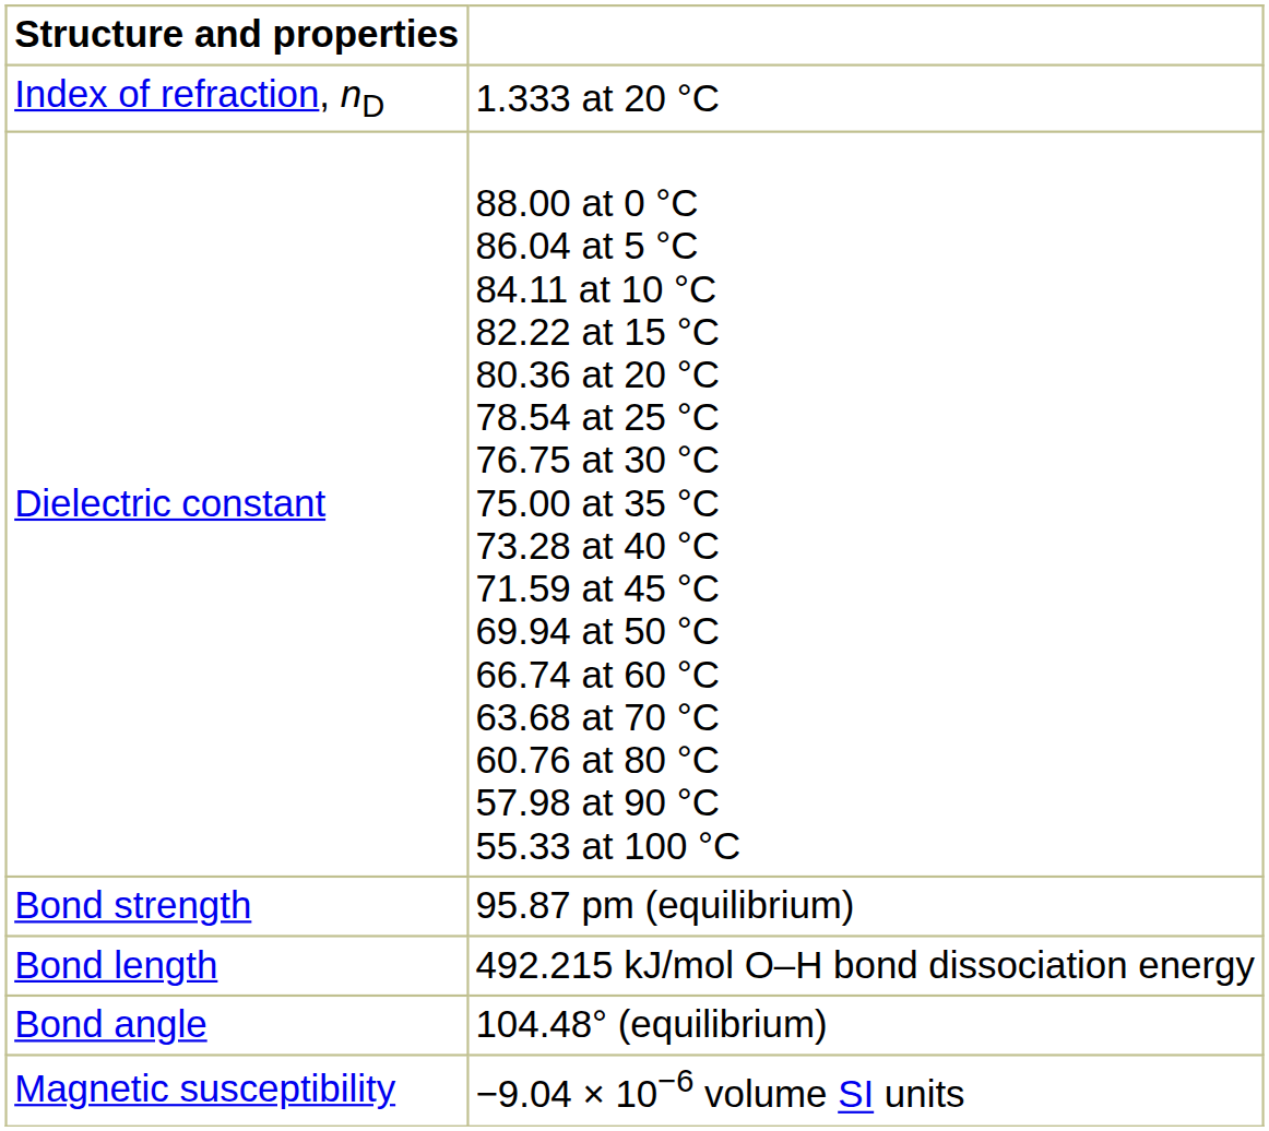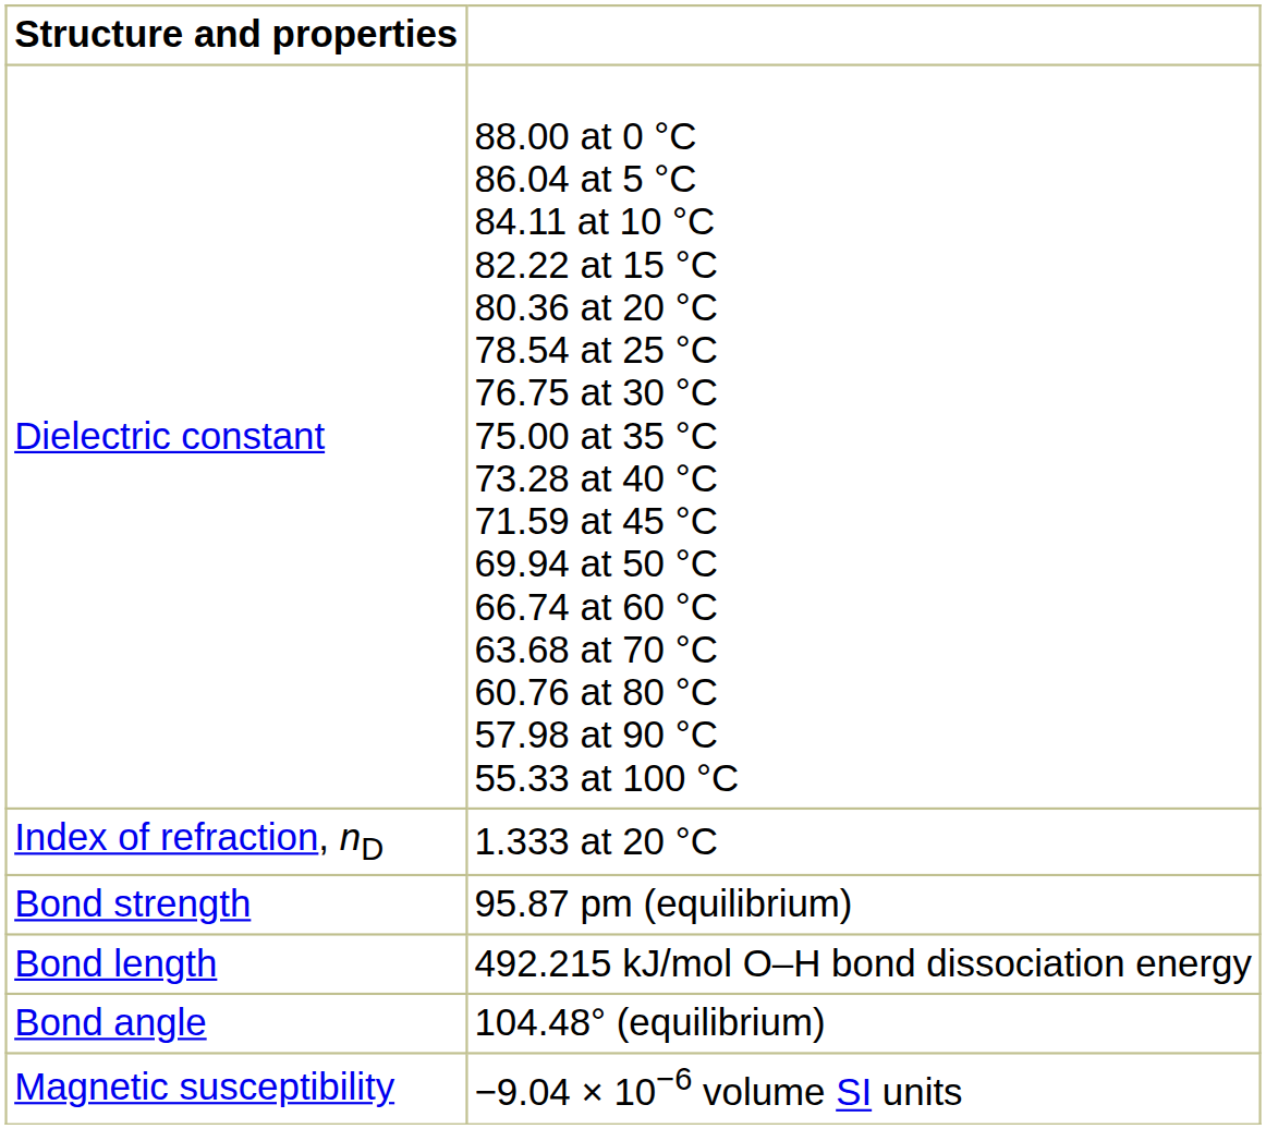 <table border="1" cellspacing="0" cellpadding="3" style="margin: 0 0 0 0.5em; background: #FFFFFF; border-collapse: collapse; border-color: #C0C090;">
 <tr>
 <th>Structure and properties</th>
 </tr>
 <tr>
+<td><a href='#'>Dielectric constant</a></td>
+<td><br>88.00 at 0 °C<br> 86.04 at 5 °C<br> 84.11 at 10 °C<br> 82.22 at 15 °C<br> 80.36 at 20 °C<br> 78.54 at 25 °C<br> 76.75 at 30 °C<br> 75.00 at 35 °C<br> 73.28 at 40 °C<br> 71.59 at 45 °C<br> 69.94 at 50 °C<br> 66.74 at 60 °C<br> 63.68 at 70 °C<br> 60.76 at 80 °C<br> 57.98 at 90 °C<br> 55.33 at 100 °C</td>
+</tr>
+<tr>
 <td><a href='#'>Index of refraction</a>, <em>n</em><sub>D</sub></td>
 <td>1.333 at 20 °C</td>
-</tr>
-<tr>
-<td><a href='#'>Dielectric constant</a></td>
-<td><br>88.00 at 0 °C<br> 86.04 at 5 °C<br> 84.11 at 10 °C<br> 82.22 at 15 °C<br> 80.36 at 20 °C<br> 78.54 at 25 °C<br> 76.75 at 30 °C<br> 75.00 at 35 °C<br> 73.28 at 40 °C<br> 71.59 at 45 °C<br> 69.94 at 50 °C<br> 66.74 at 60 °C<br> 63.68 at 70 °C<br> 60.76 at 80 °C<br> 57.98 at 90 °C<br> 55.33 at 100 °C</td>
 </tr>
 <tr>
 <td><a href='#'>Bond strength</a></td>
 <td>95.87 pm (equilibrium)</td>
 </tr>
 <tr>
 <td><a href='#'>Bond length</a></td>
 <td>492.215 kJ/mol O–H bond dissociation energy</td>
 </tr>
 <tr>
 <td><a href='#'>Bond angle</a></td>
 <td>104.48° (equilibrium) </td>
 </tr>
 <tr>
 <td><a href='#'>Magnetic susceptibility</a></td>
 <td>−9.04 × 10<sup>−6</sup> volume <a href='#'>SI</a> units</td>
 </tr>
 <tr>
 </tr>
 </table>
